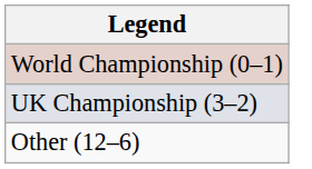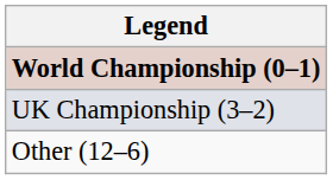 <table class="wikitable">
 <tr>
 <th>Legend</th>
 </tr>
 <tr bgcolor="#e5d1cb">
-<td>World Championship (0–1)</td>
+<td><strong>World Championship (0–1)</strong></td>
 </tr>
 <tr bgcolor="dfe2e9">
 <td>UK Championship (3–2)</td>
 </tr>
 <tr bgcolor=>
 <td>Other (12–6)</td>
 </tr>
 </table>
